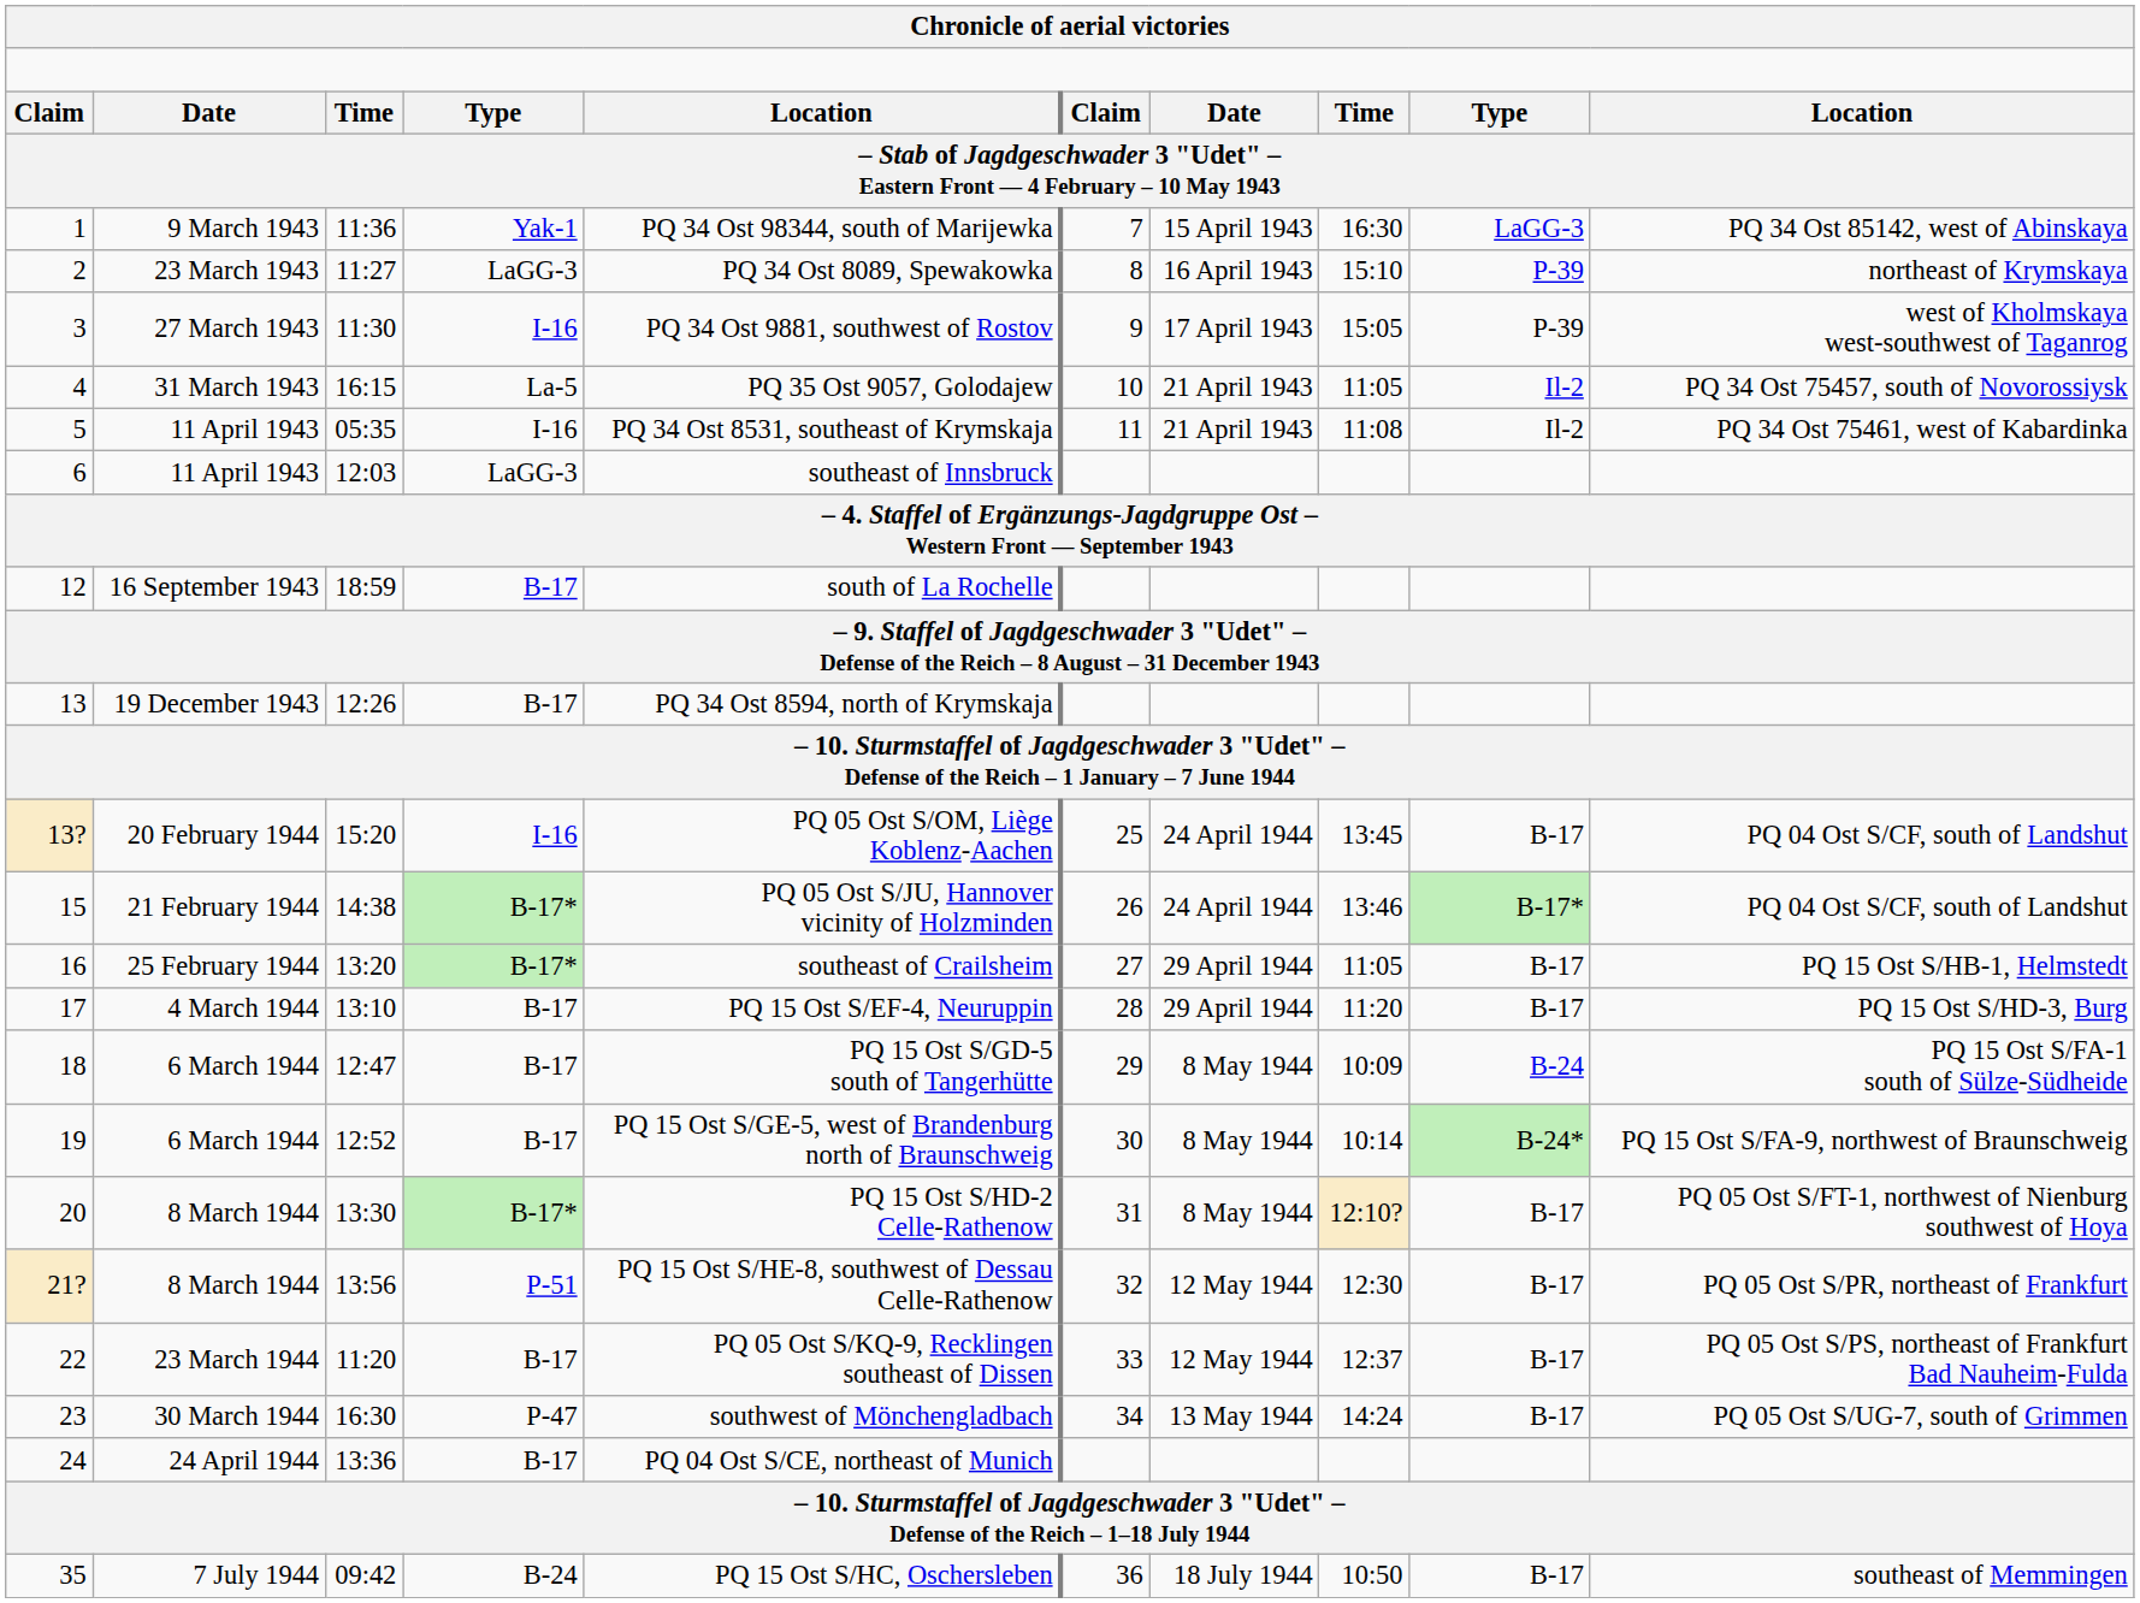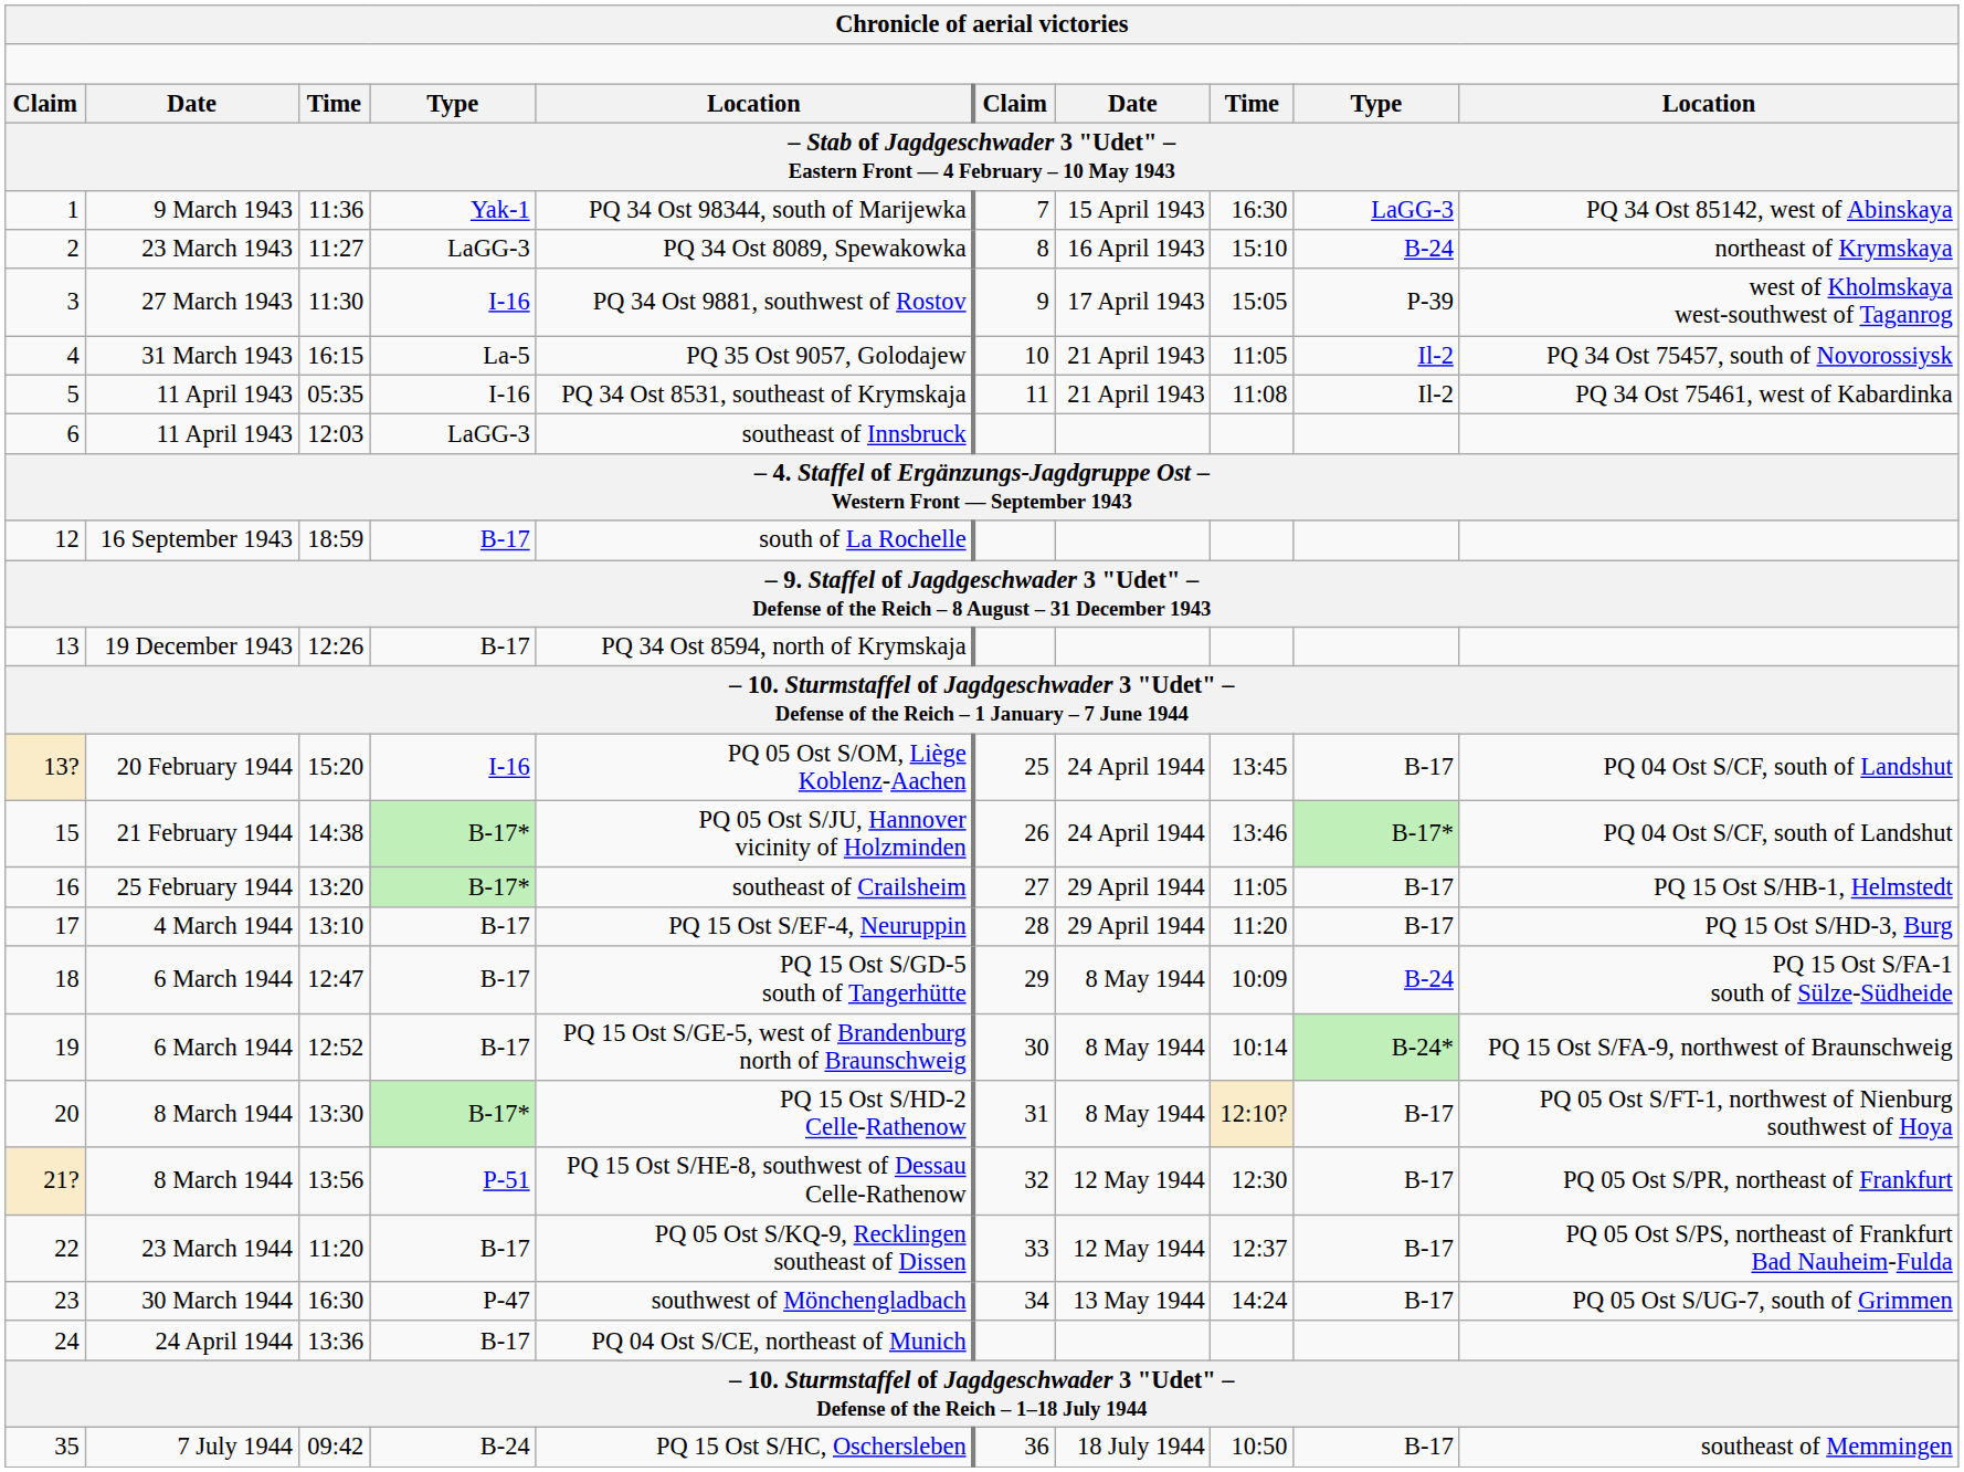 <table class="wikitable plainrowheaders collapsible" style="margin-left: auto; margin-right: auto; border: none; text-align:right; width: 100%;">
 <tr>
 <th colspan="10">Chronicle of aerial victories</th>
 </tr>
 <tr>
 <td colspan="10" style="text-align: left;"><br> </td>
 </tr>
 <tr>
 <th scope="col">Claim</th>
 <th scope="col">Date</th>
 <th scope="col">Time</th>
 <th scope="col" width="100px">Type</th>
 <th scope="col">Location</th>
 <th scope="col" style="border-left: 3px solid grey;">Claim</th>
 <th scope="col">Date</th>
 <th scope="col">Time</th>
 <th scope="col" width="100px">Type</th>
 <th scope="col">Location</th>
 </tr>
 <tr>
 <th colspan="10">– <em>Stab</em> of <em>Jagdgeschwader</em> 3 "Udet" –<br><small>Eastern Front — 4 February – 10 May 1943</small></th>
 </tr>
 <tr>
 <td>1</td>
 <td>9 March 1943</td>
 <td>11:36</td>
 <td><a href='#'>Yak-1</a></td>
 <td>PQ 34 Ost 98344,  south of Marijewka</td>
 <td style="border-left: 3px solid grey;">7</td>
 <td>15 April 1943</td>
 <td>16:30</td>
 <td><a href='#'>LaGG-3</a></td>
 <td>PQ 34 Ost 85142,  west of <a href='#'>Abinskaya</a></td>
 </tr>
 <tr>
 <td>2</td>
 <td>23 March 1943</td>
 <td>11:27</td>
 <td>LaGG-3</td>
 <td>PQ 34 Ost 8089, Spewakowka</td>
 <td style="border-left: 3px solid grey;">8</td>
 <td>16 April 1943</td>
 <td>15:10</td>
-<td><a href='#'>P-39</a></td>
+<td><a href='#'>B-24</a></td>
 <td> northeast of <a href='#'>Krymskaya</a></td>
 </tr>
 <tr>
 <td>3</td>
 <td>27 March 1943</td>
 <td>11:30</td>
 <td><a href='#'>I-16</a></td>
 <td>PQ 34 Ost 9881, southwest of <a href='#'>Rostov</a></td>
 <td style="border-left: 3px solid grey;">9</td>
 <td>17 April 1943</td>
 <td>15:05</td>
 <td>P-39</td>
 <td> west of <a href='#'>Kholmskaya</a><br> west-southwest of <a href='#'>Taganrog</a></td>
 </tr>
 <tr>
 <td>4</td>
 <td>31 March 1943</td>
 <td>16:15</td>
 <td>La-5</td>
 <td>PQ 35 Ost 9057, Golodajew</td>
 <td style="border-left: 3px solid grey;">10</td>
 <td>21 April 1943</td>
 <td>11:05</td>
 <td><a href='#'>Il-2</a></td>
 <td>PQ 34 Ost 75457, south of <a href='#'>Novorossiysk</a></td>
 </tr>
 <tr>
 <td>5</td>
 <td>11 April 1943</td>
 <td>05:35</td>
 <td>I-16</td>
 <td>PQ 34 Ost 8531,  southeast of Krymskaja</td>
 <td style="border-left: 3px solid grey;">11</td>
 <td>21 April 1943</td>
 <td>11:08</td>
 <td>Il-2</td>
 <td>PQ 34 Ost 75461,  west of Kabardinka</td>
 </tr>
 <tr>
 <td>6</td>
 <td>11 April 1943</td>
 <td>12:03</td>
 <td>LaGG-3</td>
 <td> southeast of <a href='#'>Innsbruck</a></td>
 <td style="border-left: 3px solid grey;"></td>
 <td></td>
 <td></td>
 <td></td>
 <td></td>
 </tr>
 <tr>
 <th colspan="10">– 4. <em>Staffel</em> of <em>Ergänzungs-Jagdgruppe Ost</em> –<br><small>Western Front — September 1943</small></th>
 </tr>
 <tr>
 <td>12</td>
 <td>16 September 1943</td>
 <td>18:59</td>
 <td><a href='#'>B-17</a></td>
 <td> south of <a href='#'>La Rochelle</a></td>
 <td style="border-left: 3px solid grey;"></td>
 <td></td>
 <td></td>
 <td></td>
 <td></td>
 </tr>
 <tr>
 <th colspan="10">– 9. <em>Staffel</em> of <em>Jagdgeschwader</em> 3 "Udet" –<br><small>Defense of the Reich – 8 August – 31 December 1943</small></th>
 </tr>
 <tr>
 <td>13</td>
 <td>19 December 1943</td>
 <td>12:26</td>
 <td>B-17</td>
 <td>PQ 34 Ost 8594,  north of Krymskaja</td>
 <td style="border-left: 3px solid grey;"></td>
 <td></td>
 <td></td>
 <td></td>
 <td></td>
 </tr>
 <tr>
 <th colspan="10">– 10. <em>Sturmstaffel</em> of <em>Jagdgeschwader</em> 3 "Udet" –<br><small>Defense of the Reich – 1 January – 7 June 1944</small></th>
 </tr>
 <tr>
 <td style="background:#faecc8">13?</td>
 <td>20 February 1944</td>
 <td>15:20</td>
 <td><a href='#'>I-16</a></td>
 <td>PQ 05 Ost S/OM, <a href='#'>Liège</a><br><a href='#'>Koblenz</a>-<a href='#'>Aachen</a></td>
 <td style="border-left: 3px solid grey;">25</td>
 <td>24 April 1944</td>
 <td>13:45</td>
 <td>B-17</td>
 <td>PQ 04 Ost S/CF, south of <a href='#'>Landshut</a></td>
 </tr>
 <tr>
 <td>15</td>
 <td>21 February 1944</td>
 <td>14:38</td>
 <td style="background:#C0EFBA">B-17*</td>
 <td>PQ 05 Ost S/JU, <a href='#'>Hannover</a><br>vicinity of <a href='#'>Holzminden</a></td>
 <td style="border-left: 3px solid grey;">26</td>
 <td>24 April 1944</td>
 <td>13:46</td>
 <td style="background:#C0EFBA">B-17*</td>
 <td>PQ 04 Ost S/CF, south of Landshut</td>
 </tr>
 <tr>
 <td>16</td>
 <td>25 February 1944</td>
 <td>13:20</td>
 <td style="background:#C0EFBA">B-17*</td>
 <td>southeast of <a href='#'>Crailsheim</a></td>
 <td style="border-left: 3px solid grey;">27</td>
 <td>29 April 1944</td>
 <td>11:05</td>
 <td>B-17</td>
 <td>PQ 15 Ost S/HB-1, <a href='#'>Helmstedt</a></td>
 </tr>
 <tr>
 <td>17</td>
 <td>4 March 1944</td>
 <td>13:10</td>
 <td>B-17</td>
 <td>PQ 15 Ost S/EF-4, <a href='#'>Neuruppin</a></td>
 <td style="border-left: 3px solid grey;">28</td>
 <td>29 April 1944</td>
 <td>11:20</td>
 <td>B-17</td>
 <td>PQ 15 Ost S/HD-3, <a href='#'>Burg</a></td>
 </tr>
 <tr>
 <td>18</td>
 <td>6 March 1944</td>
 <td>12:47</td>
 <td>B-17</td>
 <td>PQ 15 Ost S/GD-5<br>south of <a href='#'>Tangerhütte</a></td>
 <td style="border-left: 3px solid grey;">29</td>
 <td>8 May 1944</td>
 <td>10:09</td>
 <td><a href='#'>B-24</a></td>
 <td>PQ 15 Ost S/FA-1<br>south of <a href='#'>Sülze</a>-<a href='#'>Südheide</a></td>
 </tr>
 <tr>
 <td>19</td>
 <td>6 March 1944</td>
 <td>12:52</td>
 <td>B-17</td>
 <td>PQ 15 Ost S/GE-5, west of <a href='#'>Brandenburg</a><br>north of <a href='#'>Braunschweig</a></td>
 <td style="border-left: 3px solid grey;">30</td>
 <td>8 May 1944</td>
 <td>10:14</td>
 <td style="background:#C0EFBA">B-24*</td>
 <td>PQ 15 Ost S/FA-9, northwest of Braunschweig</td>
 </tr>
 <tr>
 <td>20</td>
 <td>8 March 1944</td>
 <td>13:30</td>
 <td style="background:#C0EFBA">B-17*</td>
 <td>PQ 15 Ost S/HD-2<br><a href='#'>Celle</a>-<a href='#'>Rathenow</a></td>
 <td style="border-left: 3px solid grey;">31</td>
 <td>8 May 1944</td>
 <td style="background:#faecc8">12:10?</td>
 <td>B-17</td>
 <td>PQ 05 Ost S/FT-1, northwest of Nienburg<br>southwest of <a href='#'>Hoya</a></td>
 </tr>
 <tr>
 <td style="background:#faecc8">21?</td>
 <td>8 March 1944</td>
 <td>13:56</td>
 <td><a href='#'>P-51</a></td>
 <td>PQ 15 Ost S/HE-8, southwest of <a href='#'>Dessau</a><br>Celle-Rathenow</td>
 <td style="border-left: 3px solid grey;">32</td>
 <td>12 May 1944</td>
 <td>12:30</td>
 <td>B-17</td>
 <td>PQ 05 Ost S/PR, northeast of <a href='#'>Frankfurt</a></td>
 </tr>
 <tr>
 <td>22</td>
 <td>23 March 1944</td>
 <td>11:20</td>
 <td>B-17</td>
 <td>PQ 05 Ost S/KQ-9, <a href='#'>Recklingen</a><br>southeast of <a href='#'>Dissen</a></td>
 <td style="border-left: 3px solid grey;">33</td>
 <td>12 May 1944</td>
 <td>12:37</td>
 <td>B-17</td>
 <td>PQ 05 Ost S/PS, northeast of Frankfurt<br><a href='#'>Bad Nauheim</a>-<a href='#'>Fulda</a></td>
 </tr>
 <tr>
 <td>23</td>
 <td>30 March 1944</td>
 <td>16:30</td>
 <td>P-47</td>
 <td> southwest of <a href='#'>Mönchengladbach</a></td>
 <td style="border-left: 3px solid grey;">34</td>
 <td>13 May 1944</td>
 <td>14:24</td>
 <td>B-17</td>
 <td>PQ 05 Ost S/UG-7, south of <a href='#'>Grimmen</a></td>
 </tr>
 <tr>
 <td>24</td>
 <td>24 April 1944</td>
 <td>13:36</td>
 <td>B-17</td>
 <td>PQ 04 Ost S/CE, northeast of <a href='#'>Munich</a></td>
 <td style="border-left: 3px solid grey;"></td>
 <td></td>
 <td></td>
 <td></td>
 <td></td>
 </tr>
 <tr>
 <th colspan="10">– 10. <em>Sturmstaffel</em> of <em>Jagdgeschwader</em> 3 "Udet" –<br><small>Defense of the Reich – 1–18 July 1944</small></th>
 </tr>
 <tr>
 <td>35</td>
 <td>7 July 1944</td>
 <td>09:42</td>
 <td>B-24</td>
 <td>PQ 15 Ost S/HC, <a href='#'>Oschersleben</a></td>
 <td style="border-left: 3px solid grey;">36</td>
 <td>18 July 1944</td>
 <td>10:50</td>
 <td>B-17</td>
 <td> southeast of <a href='#'>Memmingen</a></td>
 </tr>
 </table>
